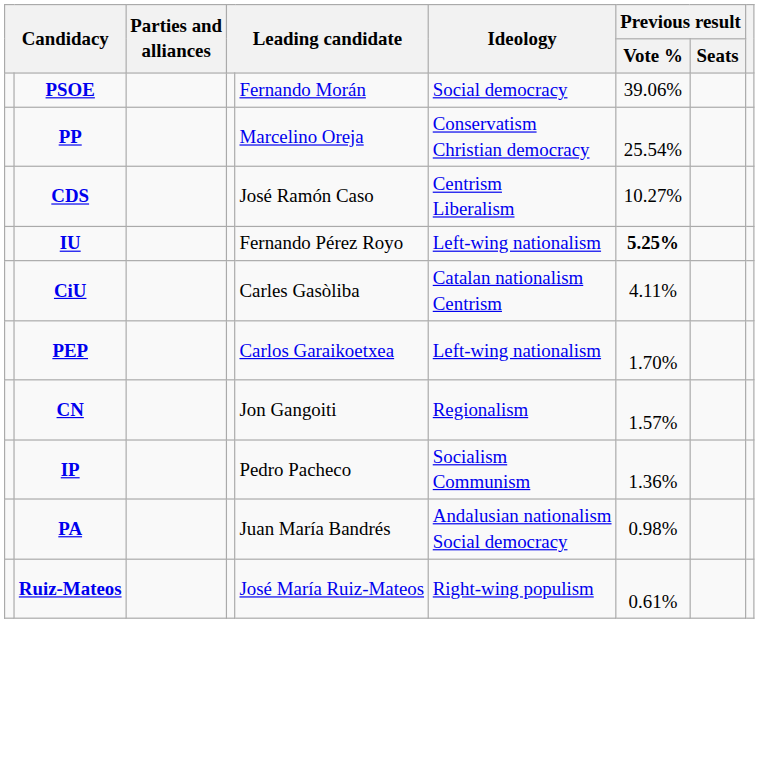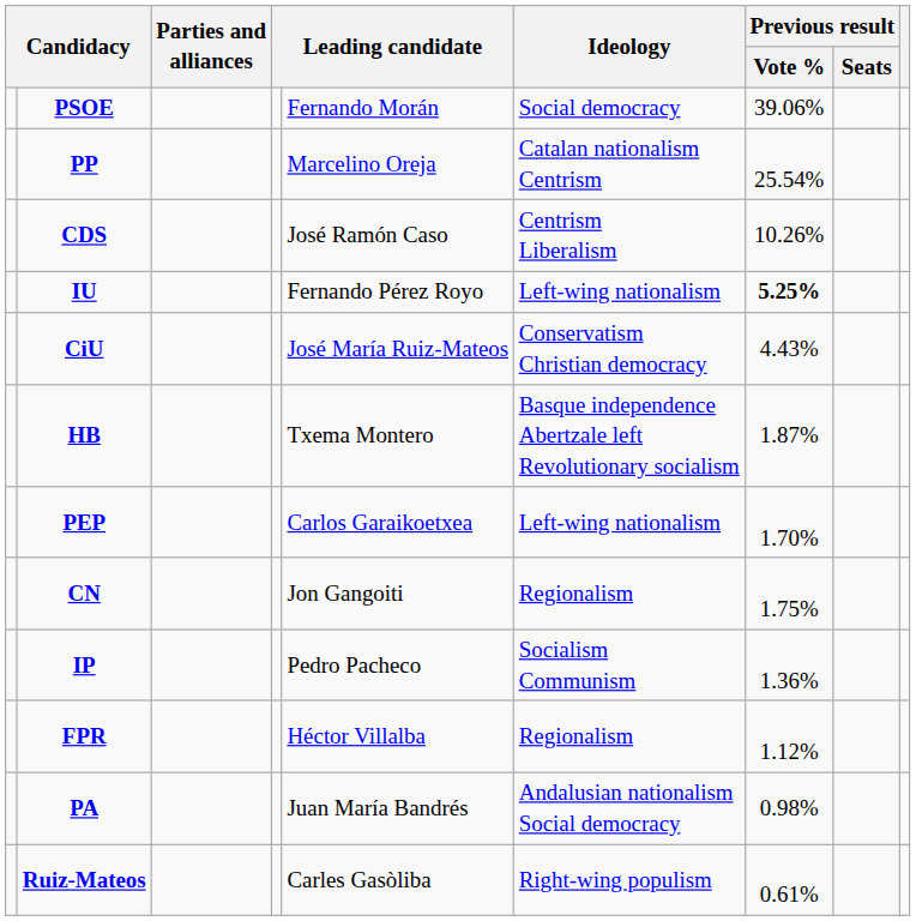 <table class="wikitable" style="line-height:1.35em; text-align:left;">
 <tr>
 <th colspan="2" rowspan="2">Candidacy</th>
 <th rowspan="2">Parties and<br>alliances</th>
 <th colspan="2" rowspan="2">Leading candidate</th>
 <th rowspan="2">Ideology</th>
 <th colspan="2">Previous result</th>
 <th rowspan="2"></th>
 </tr>
 <tr>
 <th>Vote %</th>
 <th>Seats</th>
 </tr>
 <tr>
 <td width="1" style="color:inherit;background:"></td>
 <td align="center"><strong><a href='#'>PSOE</a></strong></td>
 <td></td>
 <td></td>
 <td><a href='#'>Fernando Morán</a></td>
 <td><a href='#'>Social democracy</a></td>
 <td align="center">39.06%</td>
 <td></td>
 <td><br></td>
 </tr>
 <tr>
 <td style="color:inherit;background:"></td>
 <td align="center"><strong><a href='#'>PP</a></strong></td>
 <td></td>
 <td></td>
 <td><a href='#'>Marcelino Oreja</a></td>
-<td><a href='#'>Conservatism</a><br><a href='#'>Christian democracy</a></td>
+<td><a href='#'>Catalan nationalism</a><br><a href='#'>Centrism</a></td>
 <td align="center"><br>25.54%<br></td>
 <td></td>
 <td></td>
 </tr>
 <tr>
 <td style="color:inherit;background:"></td>
 <td align="center"><strong><a href='#'>CDS</a></strong></td>
 <td></td>
 <td></td>
 <td>José Ramón Caso</td>
 <td><a href='#'>Centrism</a><br><a href='#'>Liberalism</a></td>
-<td align="center">10.27%</td>
+<td align="center">10.26%</td>
 <td></td>
 <td></td>
 </tr>
 <tr>
 <td style="color:inherit;background:"></td>
 <td align="center"><strong><a href='#'>IU</a></strong></td>
 <td></td>
 <td></td>
 <td>Fernando Pérez Royo</td>
 <td><a href='#'>Left-wing nationalism</a></td>
 <td align="center"><strong>5.25%</strong></td>
 <td></td>
 <td></td>
 </tr>
 <tr>
 <td style="color:inherit;background:"></td>
 <td align="center"><strong><a href='#'>CiU</a></strong></td>
 <td></td>
 <td></td>
-<td>Carles Gasòliba</td>
-<td><a href='#'>Catalan nationalism</a><br><a href='#'>Centrism</a></td>
-<td align="center">4.11%</td>
+<td><a href='#'>José María Ruiz-Mateos</a></td>
+<td><a href='#'>Conservatism</a><br><a href='#'>Christian democracy</a></td>
+<td align="center">4.43%</td>
+<td></td>
+<td></td>
+</tr>
+<tr>
+<td style="color:inherit;background:"></td>
+<td align="center"><strong><a href='#'>HB</a></strong></td>
+<td></td>
+<td></td>
+<td>Txema Montero</td>
+<td><a href='#'>Basque independence</a><br><a href='#'>Abertzale left</a><br><a href='#'>Revolutionary socialism</a></td>
+<td align="center">1.87%</td>
 <td></td>
 <td></td>
 </tr>
 <tr>
 <td style="color:inherit;background:"></td>
 <td align="center"><strong><a href='#'>PEP</a></strong></td>
 <td></td>
 <td></td>
 <td><a href='#'>Carlos Garaikoetxea</a></td>
 <td><a href='#'>Left-wing nationalism</a></td>
 <td align="center"><br>1.70%<br></td>
 <td></td>
 <td></td>
 </tr>
 <tr>
 <td style="color:inherit;background:"></td>
 <td align="center"><strong><a href='#'>CN</a></strong></td>
 <td></td>
 <td></td>
 <td>Jon Gangoiti</td>
 <td><a href='#'>Regionalism</a></td>
-<td align="center"><br>1.57%<br></td>
+<td align="center"><br>1.75%<br></td>
 <td></td>
 <td></td>
 </tr>
 <tr>
 <td style="color:inherit;background:"></td>
 <td align="center"><strong><a href='#'>IP</a></strong></td>
 <td></td>
 <td></td>
 <td>Pedro Pacheco</td>
 <td><a href='#'>Socialism</a><br><a href='#'>Communism</a></td>
 <td align="center"><br>1.36%<br></td>
+<td></td>
+<td></td>
+</tr>
+<tr>
+<td style="color:inherit;background:"></td>
+<td align="center"><strong><a href='#'>FPR</a></strong></td>
+<td></td>
+<td></td>
+<td><a href='#'>Héctor Villalba</a></td>
+<td><a href='#'>Regionalism</a></td>
+<td align="center"><br>1.12%<br></td>
 <td></td>
 <td></td>
 </tr>
 <tr>
 <td style="color:inherit;background:"></td>
 <td align="center"><strong><a href='#'>PA</a></strong></td>
 <td></td>
 <td></td>
 <td>Juan María Bandrés</td>
 <td><a href='#'>Andalusian nationalism</a><br><a href='#'>Social democracy</a></td>
 <td align="center">0.98%</td>
 <td></td>
 <td></td>
 </tr>
 <tr>
 <td style="color:inherit;background:"></td>
 <td align="center"><strong><a href='#'>Ruiz-Mateos</a></strong></td>
 <td></td>
 <td></td>
-<td><a href='#'>José María Ruiz-Mateos</a></td>
+<td>Carles Gasòliba</td>
 <td><a href='#'>Right-wing populism</a></td>
 <td align="center"><br>0.61%<br></td>
 <td></td>
 <td></td>
 </tr>
 </table>
